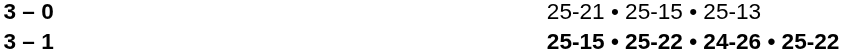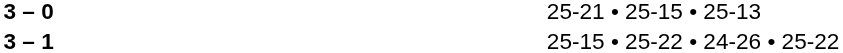 <table width=100% cellspacing=1>
 <tr>
 <th width=20%></th>
 <th width=12%></th>
 <th width=20%></th>
 <th width=33%></th>
 <td></td>
 </tr>
 <tr style=font-size:90%>
 <td align=right></td>
 <td align=center><strong>3 – 0</strong></td>
 <td></td>
 <td>25-21 • 25-15 • 25-13</td>
 <td></td>
 </tr>
 <tr style=font-size:90%>
 <td align=right></td>
 <td align=center><strong>3 – 1</strong></td>
 <td></td>
-<td><strong>25-15 • 25-22 • 24-26 • 25-22</strong></td>
+<td>25-15 • 25-22 • 24-26 • 25-22</td>
 </tr>
 </table>
